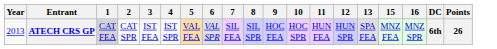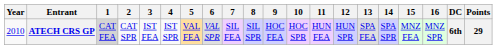 <table class="wikitable" style="text-align:center; font-size:85%">
 <tr>
 <th>Year</th>
 <th>Entrant</th>
 <th>1</th>
 <th>2</th>
 <th>3</th>
 <th>4</th>
 <th>5</th>
 <th>6</th>
 <th>7</th>
 <th>8</th>
 <th>9</th>
 <th>10</th>
 <th>11</th>
 <th>12</th>
 <th>13</th>
+<th>14</th>
 <th>15</th>
 <th>16</th>
 <th>DC</th>
 <th>Points</th>
 </tr>
 <tr>
-<td><a href='#'>2013</a></td>
+<td><a href='#'>2010</a></td>
 <th nowrap><a href='#'>ATECH CRS GP</a></th>
 <td style="background: lightgrey;"><a href='#'>CAT<br>FEA</a></td>
 <td><a href='#'>CAT<br>SPR</a></td>
 <td><a href='#'>IST<br>FEA</a></td>
 <td><a href='#'>IST<br>SPR</a></td>
 <td style="background:#ffdf9f"><a href='#'>VAL<br>FEA</a><br></td>
 <td style="background:#dfdfdf"><em><a href='#'>VAL<br>SPR</a></em><br></td>
 <td style="background:#EFCFFF"><a href='#'>SIL<br>FEA</a><br></td>
 <td style="background:#cfcfff"><a href='#'>SIL<br>SPR</a><br></td>
 <td style="background:#cfcfff"><a href='#'>HOC<br>FEA</a><br></td>
 <td style="background:#EFCFFF"><a href='#'>HOC<br>SPR</a><br></td>
 <td style="background:#EFCFFF"><a href='#'>HUN<br>FEA</a><br></td>
 <td style="background:#cfcfff"><a href='#'>HUN<br>SPR</a><br></td>
 <td style="background:#dfdfdf"><a href='#'>SPA<br>FEA</a><br></td>
+<td style="background:#cfcfff"><a href='#'>SPA<br>SPR</a><br></td>
 <td style="background:#dfffdf"><a href='#'>MNZ<br>FEA</a><br></td>
 <td style="background:#dfffdf"><a href='#'>MNZ<br>SPR</a><br></td>
 <th>6th</th>
-<th>26</th>
+<th>29</th>
 </tr>
 </table>
